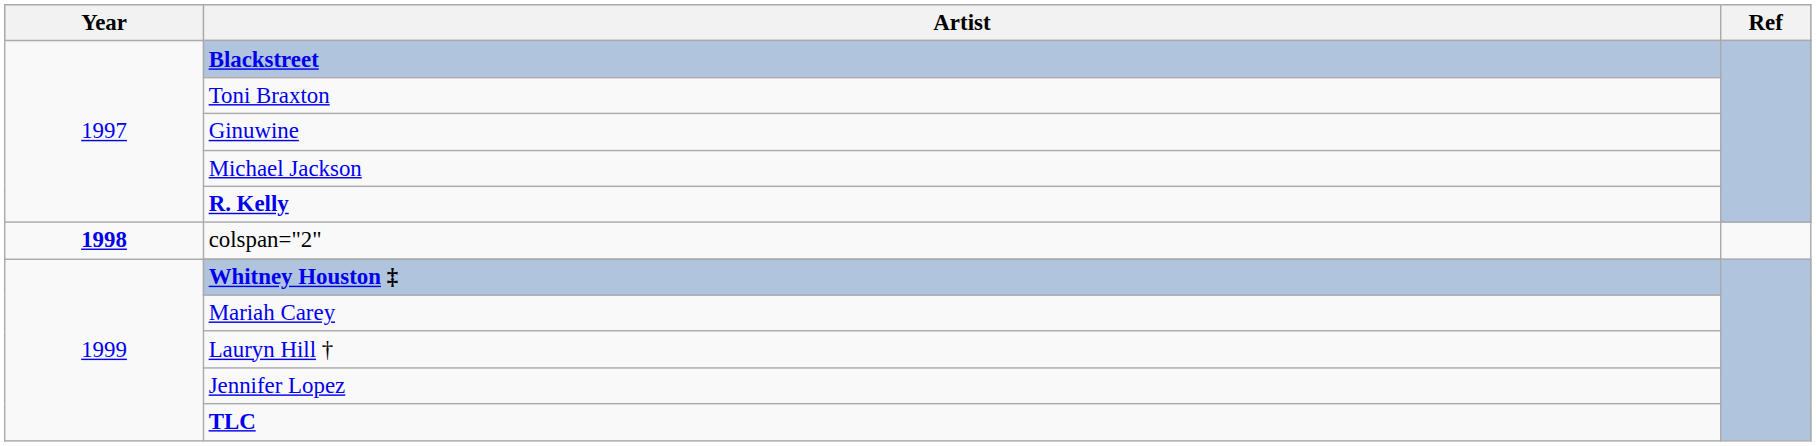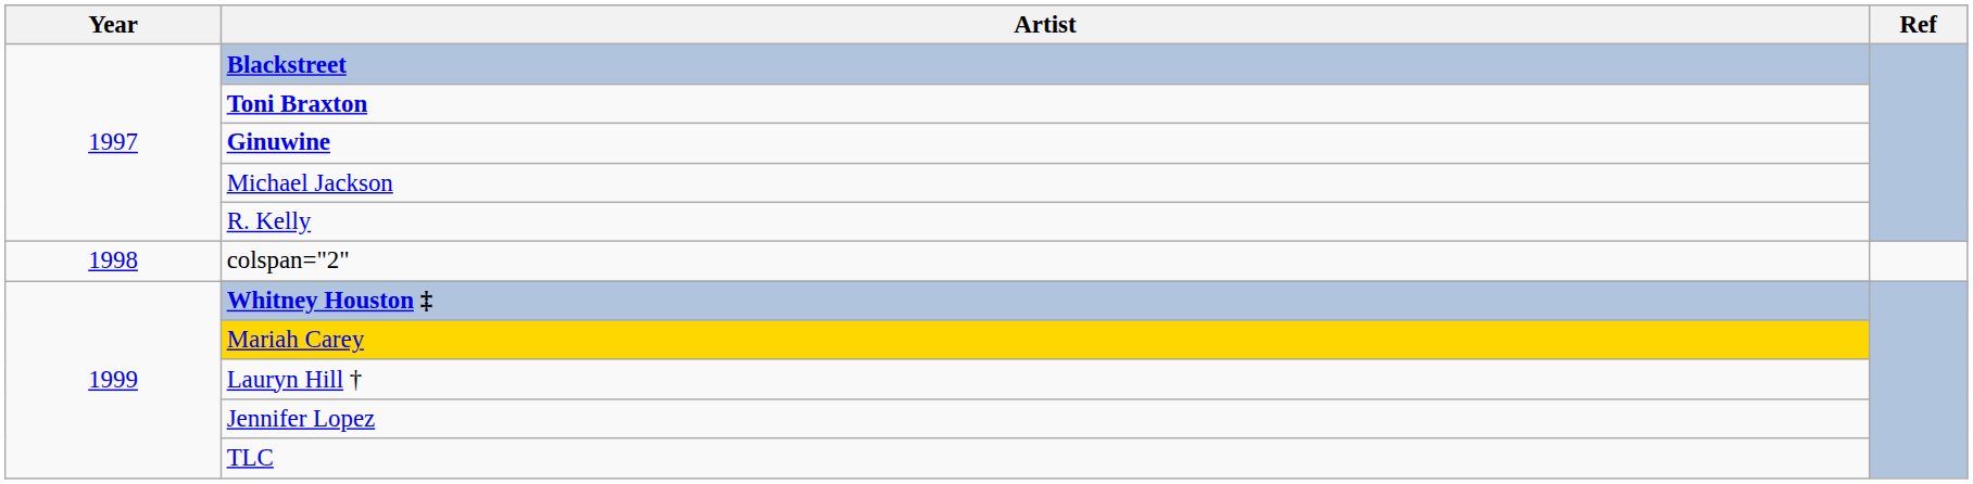 <table class="wikitable" style="width:100%;">
 <tr style="background:#bebebe;">
 <th style="width:11%;">Year</th>
 <th style="width:84%;">Artist</th>
 <th style="width:5%;">Ref</th>
 </tr>
 <tr>
 <td rowspan="6" align="center"><a href='#'>1997</a></td>
 </tr>
 <tr style="background:#B0C4DE">
 <td><strong><a href='#'>Blackstreet</a></strong></td>
 <td rowspan="5" align="center"><br></td>
 </tr>
 <tr>
-<td><a href='#'>Toni Braxton</a></td>
+<td><strong><a href='#'>Toni Braxton</a></strong></td>
 </tr>
 <tr>
-<td><a href='#'>Ginuwine</a></td>
+<td><strong><a href='#'>Ginuwine</a></strong></td>
 </tr>
 <tr>
 <td><a href='#'>Michael Jackson</a></td>
 </tr>
 <tr>
-<td><strong><a href='#'>R. Kelly</a></strong></td>
+<td><a href='#'>R. Kelly</a></td>
 </tr>
 <tr>
-<td align="center"><strong><a href='#'>1998</a></strong></td>
+<td align="center"><a href='#'>1998</a></td>
 <td>colspan="2" </td>
 </tr>
 <tr>
 <td rowspan="6" align="center"><a href='#'>1999</a></td>
 </tr>
 <tr style="background:#B0C4DE">
 <td><strong><a href='#'>Whitney Houston</a> ‡</strong></td>
 <td rowspan="6" align="center"><br></td>
 </tr>
 <tr>
-<td><a href='#'>Mariah Carey</a></td>
+<td style="background: gold;"><a href='#'>Mariah Carey</a></td>
 </tr>
 <tr>
 <td><a href='#'>Lauryn Hill</a> †</td>
 </tr>
 <tr>
 <td><a href='#'>Jennifer Lopez</a></td>
 </tr>
 <tr>
-<td><strong><a href='#'>TLC</a></strong></td>
+<td><a href='#'>TLC</a></td>
 </tr>
 </table>
